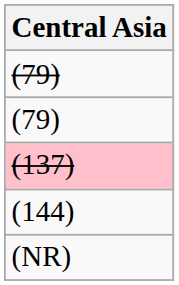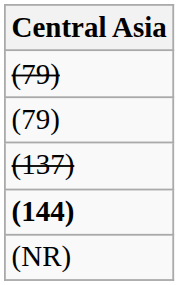 <table class="wikitable">
 <tr>
 <th>Central Asia</th>
 </tr>
 <tr>
 <td><s> (79)</s></td>
 </tr>
 <tr>
 <td> (79)</td>
 </tr>
 <tr>
-<td style="background: pink;"><s> (137)</s></td>
+<td><s> (137)</s></td>
 </tr>
 <tr>
-<td> (144)</td>
+<td><strong> (144)</strong></td>
 </tr>
 <tr>
 <td> (NR)</td>
 </tr>
 </table>
